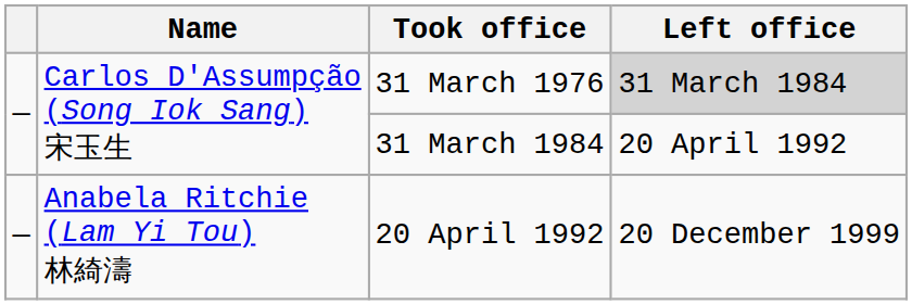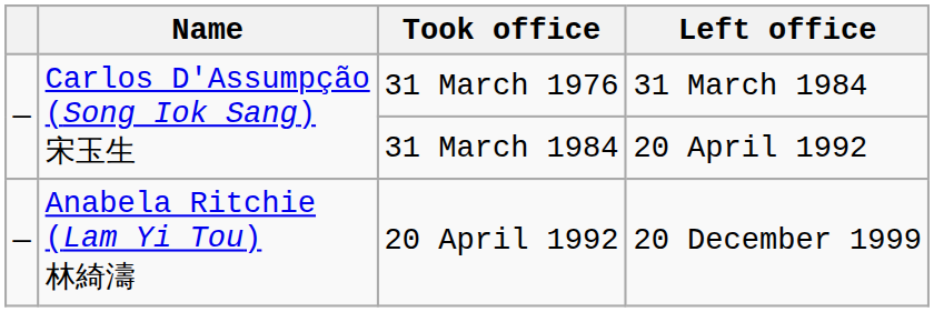 <table class="wikitable sortable">
 <tr>
 <th></th>
 <th>Name</th>
 <th>Took office</th>
 <th>Left office</th>
 </tr>
 <tr>
 <td rowspan=2>—</td>
 <td rowspan=2><a href='#'>Carlos D'Assumpção<br>(<em>Song Iok Sang</em>)</a><br>宋玉生</td>
 <td>31 March 1976</td>
-<td style="background: lightgrey;">31 March 1984</td>
+<td>31 March 1984</td>
 </tr>
 <tr>
 <td>31 March 1984</td>
 <td>20 April 1992</td>
 </tr>
 <tr>
 <td>—</td>
 <td><a href='#'>Anabela Ritchie<br>(<em>Lam Yi Tou</em>)</a><br>林綺濤</td>
 <td>20 April 1992</td>
 <td>20 December 1999</td>
 </tr>
 </table>
